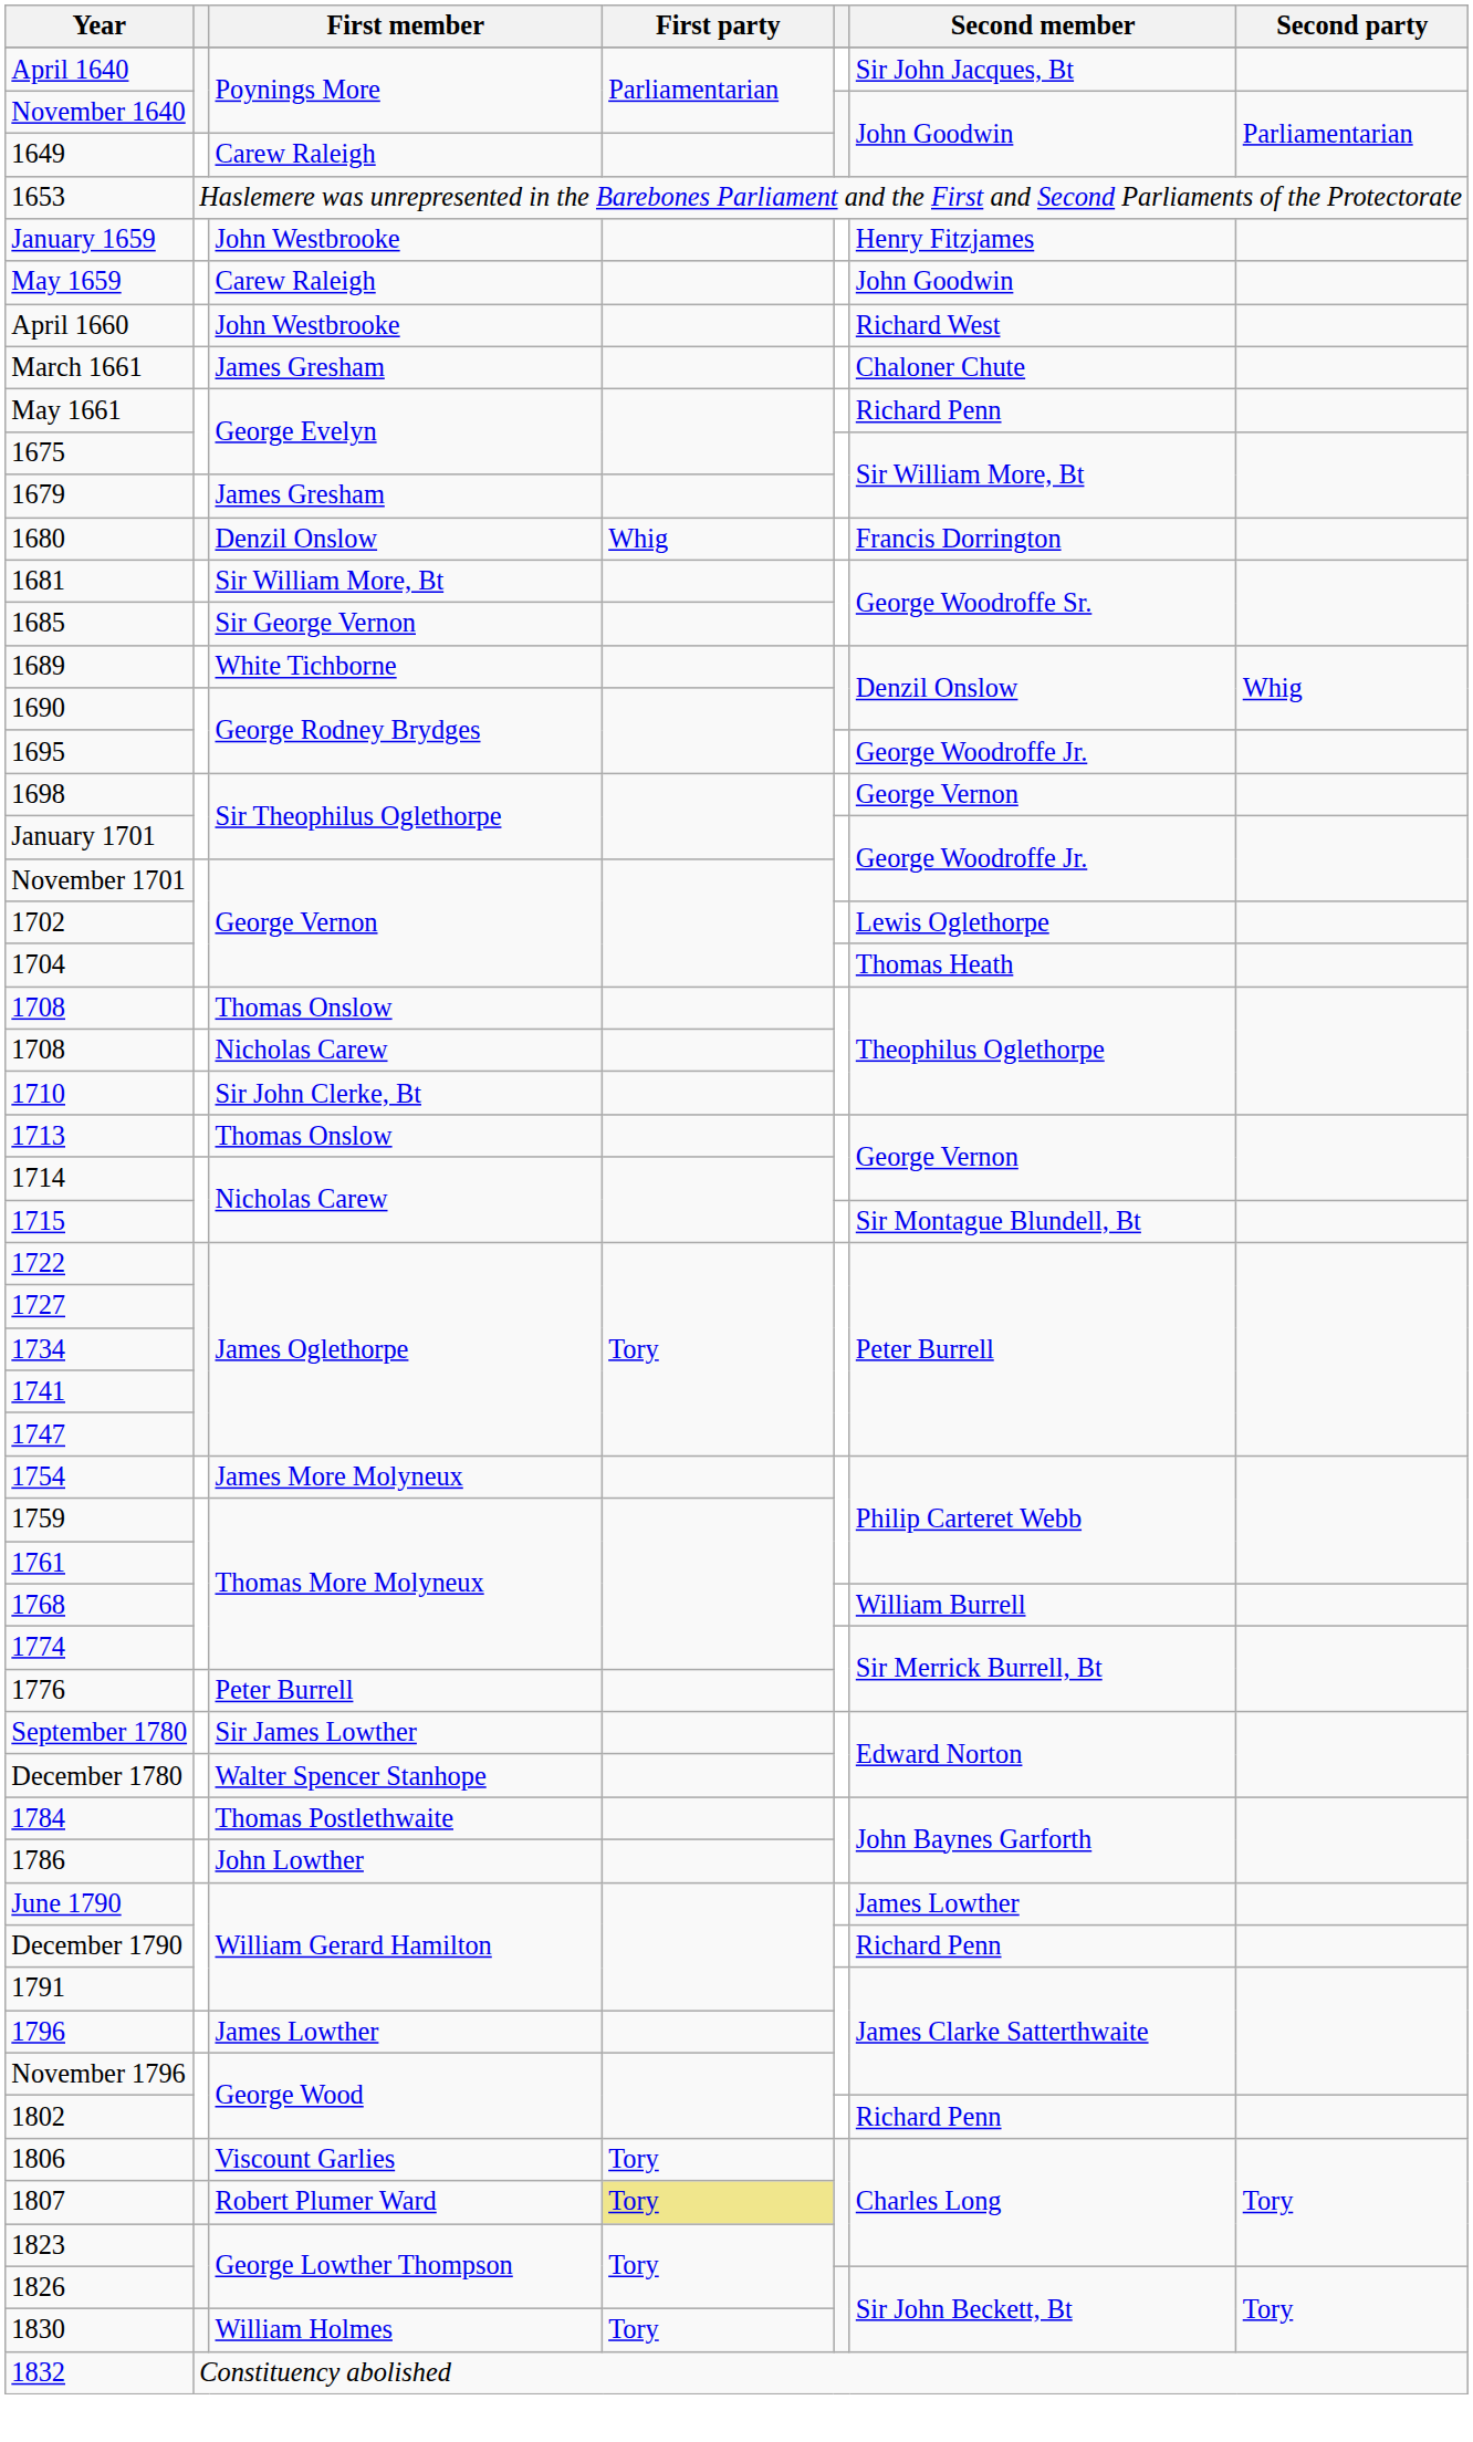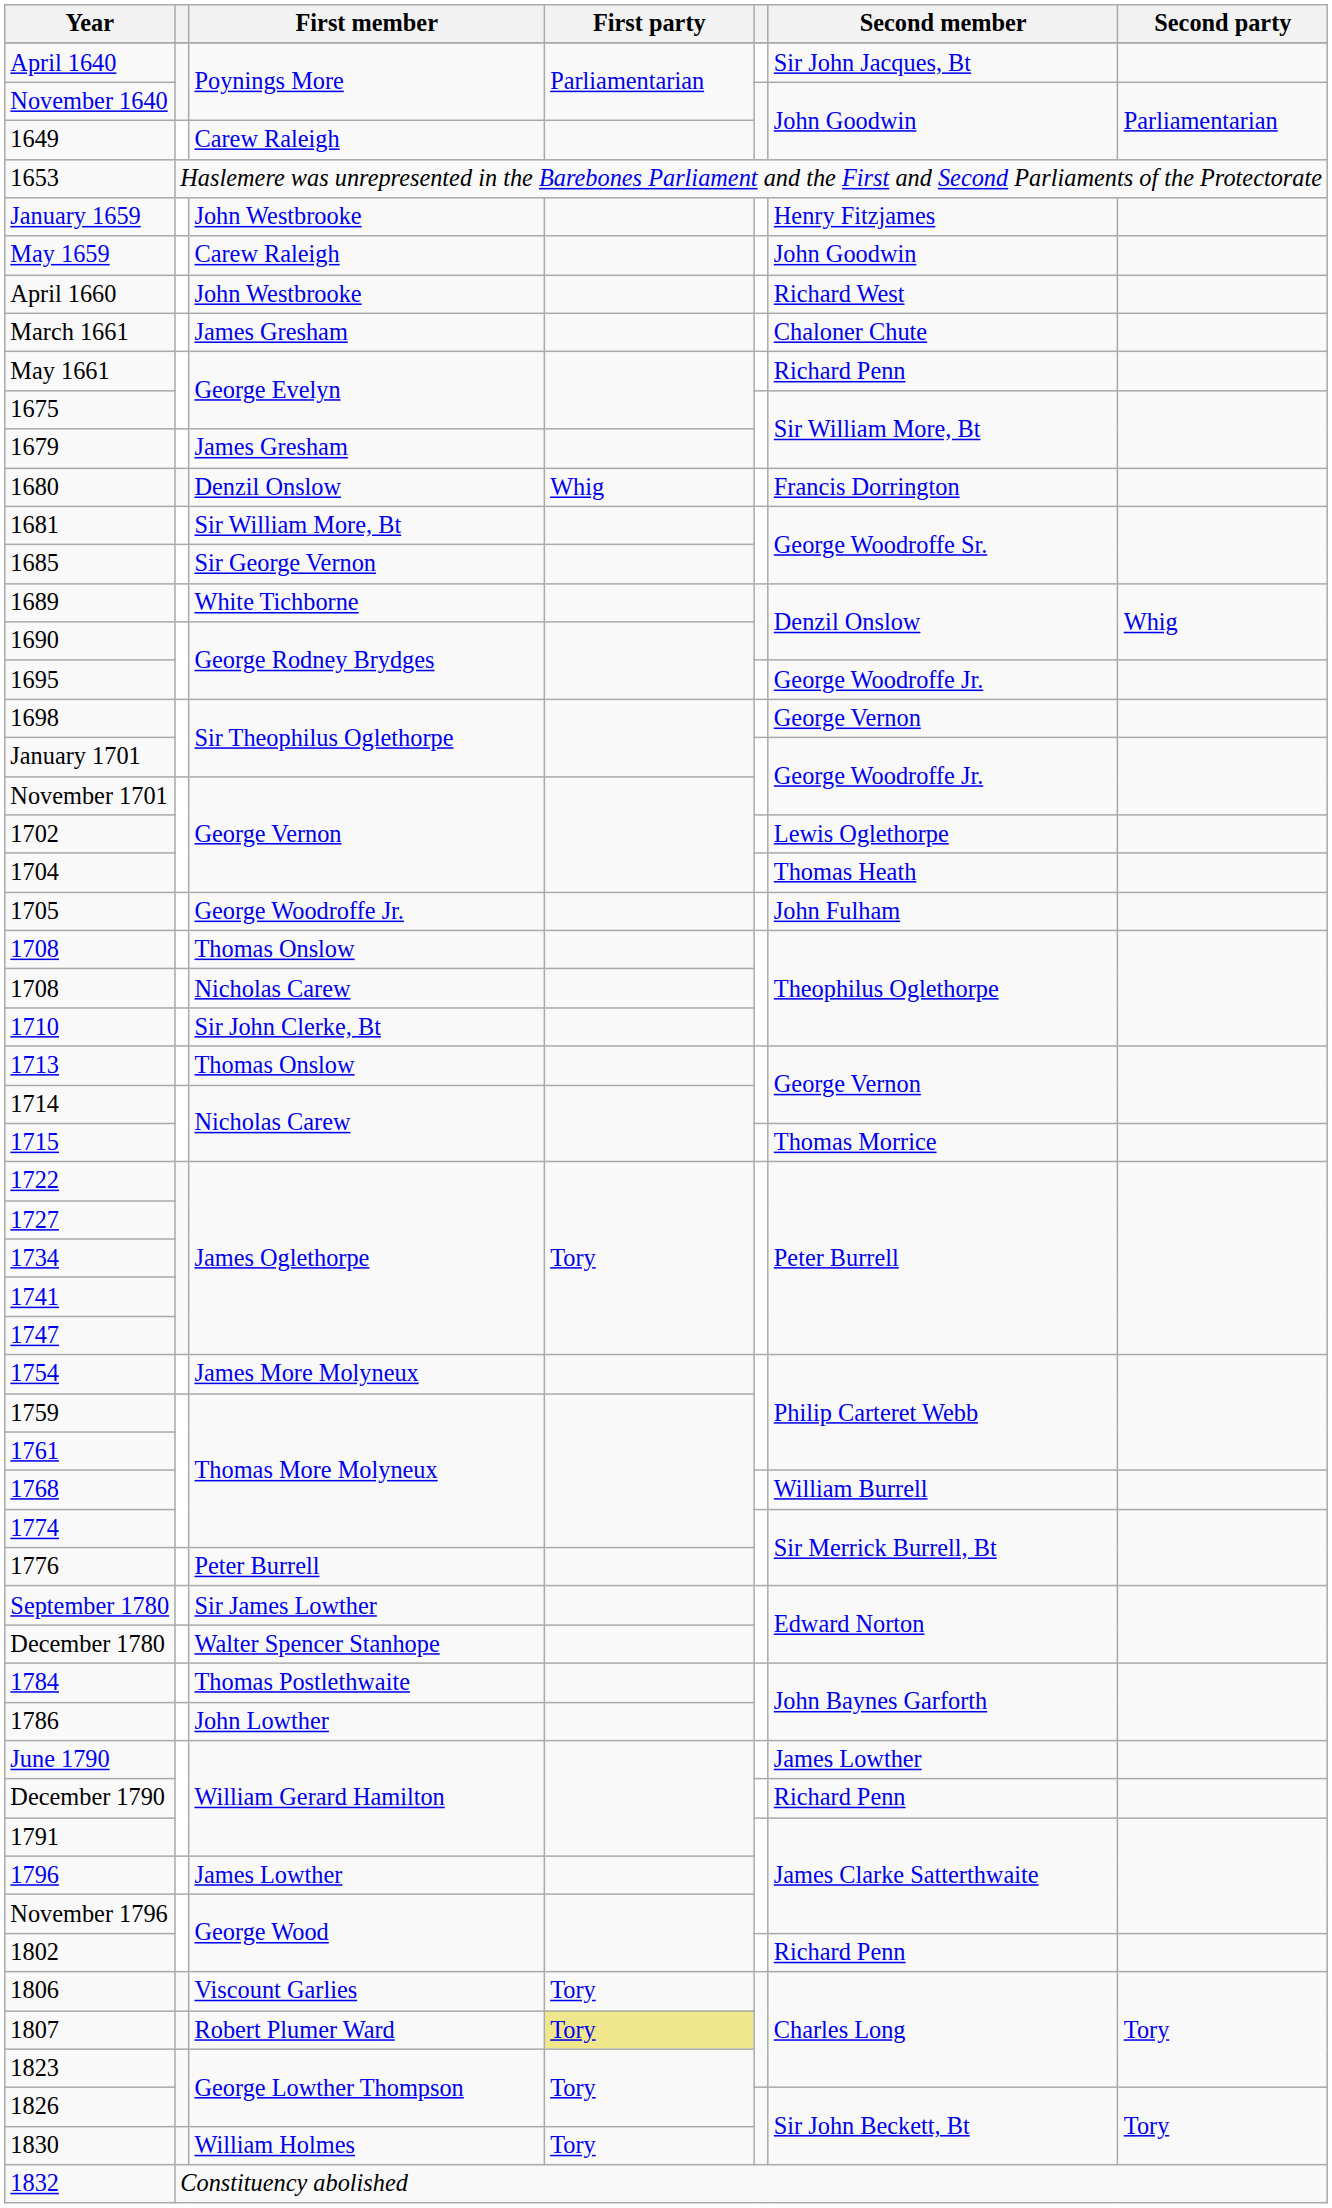 <table class="wikitable">
 <tr>
 <th>Year</th>
 <th></th>
 <th>First member</th>
 <th>First party</th>
 <th></th>
 <th>Second member</th>
 <th>Second party</th>
 </tr>
 <tr>
 </tr>
 <tr>
 <td><a href='#'>April 1640</a></td>
 <td rowspan="2" style="color:inherit;background-color: "></td>
 <td rowspan="2"><a href='#'>Poynings More</a></td>
 <td rowspan="2"><a href='#'>Parliamentarian</a></td>
 <td style="color:inherit;background-color: white"></td>
 <td><a href='#'>Sir John Jacques, Bt</a></td>
 <td></td>
 </tr>
 <tr>
 <td><a href='#'>November 1640</a></td>
 <td rowspan="2" style="color:inherit;background-color: "></td>
 <td rowspan="2"><a href='#'>John Goodwin</a></td>
 <td rowspan="2"><a href='#'>Parliamentarian</a></td>
 </tr>
 <tr>
 <td>1649</td>
 <td style="color:inherit;background-color: white"></td>
 <td><a href='#'>Carew Raleigh</a></td>
 <td></td>
 </tr>
 <tr>
 <td>1653</td>
 <td colspan="6"><em>Haslemere was unrepresented in the <a href='#'>Barebones Parliament</a> and the <a href='#'>First</a> and <a href='#'>Second</a> Parliaments of the Protectorate</em></td>
 </tr>
 <tr>
 <td><a href='#'>January 1659</a></td>
 <td style="color:inherit;background-color: white"></td>
 <td><a href='#'>John Westbrooke</a></td>
 <td></td>
 <td style="color:inherit;background-color: white"></td>
 <td><a href='#'>Henry Fitzjames</a></td>
 <td></td>
 </tr>
 <tr>
 <td><a href='#'>May 1659</a></td>
 <td style="color:inherit;background-color: white"></td>
 <td><a href='#'>Carew Raleigh</a></td>
 <td></td>
 <td style="color:inherit;background-color: white"></td>
 <td><a href='#'>John Goodwin</a></td>
 <td></td>
 </tr>
 <tr>
 <td>April 1660</td>
 <td style="color:inherit;background-color: white"></td>
 <td><a href='#'>John Westbrooke</a></td>
 <td></td>
 <td style="color:inherit;background-color: white"></td>
 <td><a href='#'>Richard West</a></td>
 <td></td>
 </tr>
 <tr>
 <td>March 1661</td>
 <td style="color:inherit;background-color: white"></td>
 <td><a href='#'>James Gresham</a></td>
 <td></td>
 <td style="color:inherit;background-color: white"></td>
 <td><a href='#'>Chaloner Chute</a></td>
 <td></td>
 </tr>
 <tr>
 <td>May 1661</td>
 <td rowspan="2" style="color:inherit;background-color: white"></td>
 <td rowspan="2"><a href='#'>George Evelyn</a></td>
 <td rowspan="2"></td>
 <td style="color:inherit;background-color: white"></td>
 <td><a href='#'>Richard Penn</a></td>
 <td></td>
 </tr>
 <tr>
 <td>1675</td>
 <td rowspan="2" style="color:inherit;background-color: white"></td>
 <td rowspan="2"><a href='#'>Sir William More, Bt</a></td>
 <td rowspan="2"></td>
 </tr>
 <tr>
 <td>1679</td>
 <td style="color:inherit;background-color: white"></td>
 <td><a href='#'>James Gresham</a></td>
 <td></td>
 </tr>
 <tr>
 <td>1680</td>
 <td style="color:inherit;background-color: "></td>
 <td><a href='#'>Denzil Onslow</a></td>
 <td><a href='#'>Whig</a></td>
 <td style="color:inherit;background-color: white"></td>
 <td><a href='#'>Francis Dorrington</a></td>
 <td></td>
 </tr>
 <tr>
 <td>1681</td>
 <td style="color:inherit;background-color: white"></td>
 <td><a href='#'>Sir William More, Bt</a></td>
 <td></td>
 <td rowspan="2" style="color:inherit;background-color: white"></td>
 <td rowspan="2"><a href='#'>George Woodroffe Sr.</a></td>
 <td rowspan="2"></td>
 </tr>
 <tr>
 <td>1685</td>
 <td style="color:inherit;background-color: white"></td>
 <td><a href='#'>Sir George Vernon</a></td>
 <td></td>
 </tr>
 <tr>
 <td>1689</td>
 <td style="color:inherit;background-color: white"></td>
 <td><a href='#'>White Tichborne</a></td>
 <td></td>
 <td rowspan="2" style="color:inherit;background-color: "></td>
 <td rowspan="2"><a href='#'>Denzil Onslow</a></td>
 <td rowspan="2"><a href='#'>Whig</a></td>
 </tr>
 <tr>
 <td>1690</td>
 <td rowspan="2" style="color:inherit;background-color: white"></td>
 <td rowspan="2"><a href='#'>George Rodney Brydges</a></td>
 <td rowspan="2"></td>
 </tr>
 <tr>
 <td>1695</td>
 <td style="color:inherit;background-color: white"></td>
 <td><a href='#'>George Woodroffe Jr.</a></td>
 <td></td>
 </tr>
 <tr>
 <td>1698</td>
 <td rowspan="2" style="color:inherit;background-color: white"></td>
 <td rowspan="2"><a href='#'>Sir Theophilus Oglethorpe</a></td>
 <td rowspan="2"></td>
 <td style="color:inherit;background-color: white"></td>
 <td><a href='#'>George Vernon</a></td>
 <td></td>
 </tr>
 <tr>
 <td>January 1701</td>
 <td rowspan="2" style="color:inherit;background-color: white"></td>
 <td rowspan="2"><a href='#'>George Woodroffe Jr.</a></td>
 <td rowspan="2"></td>
 </tr>
 <tr>
 <td>November 1701</td>
 <td rowspan="3" style="color:inherit;background-color: white"></td>
 <td rowspan="3"><a href='#'>George Vernon</a></td>
 <td rowspan="3"></td>
 </tr>
 <tr>
 <td>1702</td>
 <td style="color:inherit;background-color: white"></td>
 <td><a href='#'>Lewis Oglethorpe</a></td>
 <td></td>
 </tr>
 <tr>
 <td>1704</td>
 <td style="color:inherit;background-color: white"></td>
 <td><a href='#'>Thomas Heath</a></td>
 <td></td>
 </tr>
 <tr>
+<td>1705</td>
+<td style="color:inherit;background-color: white"></td>
+<td><a href='#'>George Woodroffe Jr.</a></td>
+<td></td>
+<td style="color:inherit;background-color: white"></td>
+<td><a href='#'>John Fulham</a></td>
+<td></td>
+</tr>
+<tr>
 <td><a href='#'>1708</a></td>
 <td style="color:inherit;background-color: white"></td>
 <td><a href='#'>Thomas Onslow</a></td>
 <td></td>
 <td rowspan="3" style="color:inherit;background-color: white"></td>
 <td rowspan="3"><a href='#'>Theophilus Oglethorpe</a></td>
 <td rowspan="3"></td>
 </tr>
 <tr>
 <td>1708</td>
 <td style="color:inherit;background-color: white"></td>
 <td><a href='#'>Nicholas Carew</a></td>
 <td></td>
 </tr>
 <tr>
 <td><a href='#'>1710</a></td>
 <td style="color:inherit;background-color: white"></td>
 <td><a href='#'>Sir John Clerke, Bt</a></td>
 <td></td>
 </tr>
 <tr>
 <td><a href='#'>1713</a></td>
 <td style="color:inherit;background-color: white"></td>
 <td><a href='#'>Thomas Onslow</a></td>
 <td></td>
 <td rowspan="2" style="color:inherit;background-color: white"></td>
 <td rowspan="2"><a href='#'>George Vernon</a></td>
 <td rowspan="2"></td>
 </tr>
 <tr>
 <td>1714</td>
 <td rowspan="2" style="color:inherit;background-color: white"></td>
 <td rowspan="2"><a href='#'>Nicholas Carew</a></td>
 <td rowspan="2"></td>
 </tr>
 <tr>
 <td><a href='#'>1715</a></td>
 <td style="color:inherit;background-color: white"></td>
-<td><a href='#'>Sir Montague Blundell, Bt</a></td>
+<td><a href='#'>Thomas Morrice</a></td>
 <td></td>
 </tr>
 <tr>
 <td><a href='#'>1722</a></td>
 <td rowspan="5" style="color:inherit;background-color: "></td>
 <td rowspan="5"><a href='#'>James Oglethorpe</a></td>
 <td rowspan="5"><a href='#'>Tory</a></td>
 <td rowspan="5" style="color:inherit;background-color: white"></td>
 <td rowspan="5"><a href='#'>Peter Burrell</a></td>
 <td rowspan="5"></td>
 </tr>
 <tr>
 <td><a href='#'>1727</a></td>
 </tr>
 <tr>
 <td><a href='#'>1734</a></td>
 </tr>
 <tr>
 <td><a href='#'>1741</a></td>
 </tr>
 <tr>
 <td><a href='#'>1747</a></td>
 </tr>
 <tr>
 <td><a href='#'>1754</a></td>
 <td style="color:inherit;background-color: white"></td>
 <td><a href='#'>James More Molyneux</a></td>
 <td></td>
 <td rowspan="3" style="color:inherit;background-color: white"></td>
 <td rowspan="3"><a href='#'>Philip Carteret Webb</a></td>
 <td rowspan="3"></td>
 </tr>
 <tr>
 <td>1759</td>
 <td rowspan="4" style="color:inherit;background-color: white"></td>
 <td rowspan="4"><a href='#'>Thomas More Molyneux</a></td>
 <td rowspan="4"></td>
 </tr>
 <tr>
 <td><a href='#'>1761</a></td>
 </tr>
 <tr>
 <td><a href='#'>1768</a></td>
 <td style="color:inherit;background-color: white"></td>
 <td><a href='#'>William Burrell</a></td>
 <td></td>
 </tr>
 <tr>
 <td><a href='#'>1774</a></td>
 <td rowspan="2" style="color:inherit;background-color: white"></td>
 <td rowspan="2"><a href='#'>Sir Merrick Burrell, Bt</a></td>
 <td rowspan="2"></td>
 </tr>
 <tr>
 <td>1776</td>
 <td style="color:inherit;background-color: white"></td>
 <td><a href='#'>Peter Burrell</a></td>
 <td></td>
 </tr>
 <tr>
 <td><a href='#'>September 1780</a></td>
 <td style="color:inherit;background-color: white"></td>
 <td><a href='#'>Sir James Lowther</a></td>
 <td></td>
 <td rowspan="2" style="color:inherit;background-color: white"></td>
 <td rowspan="2"><a href='#'>Edward Norton</a></td>
 <td rowspan="2"></td>
 </tr>
 <tr>
 <td>December 1780</td>
 <td style="color:inherit;background-color: white"></td>
 <td><a href='#'>Walter Spencer Stanhope</a></td>
 <td></td>
 </tr>
 <tr>
 <td><a href='#'>1784</a></td>
 <td style="color:inherit;background-color: white"></td>
 <td><a href='#'>Thomas Postlethwaite</a></td>
 <td></td>
 <td rowspan="2" style="color:inherit;background-color: white"></td>
 <td rowspan="2"><a href='#'>John Baynes Garforth</a></td>
 <td rowspan="2"></td>
 </tr>
 <tr>
 <td>1786</td>
 <td style="color:inherit;background-color: white"></td>
 <td><a href='#'>John Lowther</a></td>
 <td></td>
 </tr>
 <tr>
 <td><a href='#'>June 1790</a></td>
 <td rowspan="3" style="color:inherit;background-color: white"></td>
 <td rowspan="3"><a href='#'>William Gerard Hamilton</a></td>
 <td rowspan="3"></td>
 <td style="color:inherit;background-color: white"></td>
 <td><a href='#'>James Lowther</a></td>
 <td></td>
 </tr>
 <tr>
 <td>December 1790</td>
 <td style="color:inherit;background-color: white"></td>
 <td><a href='#'>Richard Penn</a></td>
 <td></td>
 </tr>
 <tr>
 <td>1791</td>
 <td rowspan="3" style="color:inherit;background-color: white"></td>
 <td rowspan="3"><a href='#'>James Clarke Satterthwaite</a></td>
 <td rowspan="3"></td>
 </tr>
 <tr>
 <td><a href='#'>1796</a></td>
 <td style="color:inherit;background-color: white"></td>
 <td><a href='#'>James Lowther</a></td>
 <td></td>
 </tr>
 <tr>
 <td>November 1796</td>
 <td rowspan="2" style="color:inherit;background-color: white"></td>
 <td rowspan="2"><a href='#'>George Wood</a></td>
 <td rowspan="2"></td>
 </tr>
 <tr>
 <td>1802</td>
 <td style="color:inherit;background-color: white"></td>
 <td><a href='#'>Richard Penn</a></td>
 <td></td>
 </tr>
 <tr>
 <td>1806</td>
 <td style="color:inherit;background-color: "></td>
 <td><a href='#'>Viscount Garlies</a></td>
 <td><a href='#'>Tory</a></td>
 <td rowspan="3" style="color:inherit;background-color: "></td>
 <td rowspan="3"><a href='#'>Charles Long</a></td>
 <td rowspan="3"><a href='#'>Tory</a></td>
 </tr>
 <tr>
 <td>1807</td>
 <td style="color:inherit;background-color: "></td>
 <td><a href='#'>Robert Plumer Ward</a></td>
 <td style="background: khaki;"><a href='#'>Tory</a></td>
 </tr>
 <tr>
 <td>1823</td>
 <td rowspan="2" style="color:inherit;background-color: "></td>
 <td rowspan="2"><a href='#'>George Lowther Thompson</a></td>
 <td rowspan="2"><a href='#'>Tory</a></td>
 </tr>
 <tr>
 <td>1826</td>
 <td rowspan="2" style="color:inherit;background-color: "></td>
 <td rowspan="2"><a href='#'>Sir John Beckett, Bt</a></td>
 <td rowspan="2"><a href='#'>Tory</a></td>
 </tr>
 <tr>
 <td>1830</td>
 <td style="color:inherit;background-color: "></td>
 <td><a href='#'>William Holmes</a></td>
 <td><a href='#'>Tory</a></td>
 </tr>
 <tr>
 <td><a href='#'>1832</a></td>
 <td colspan="6"><em>Constituency abolished</em></td>
 </tr>
 </table>
